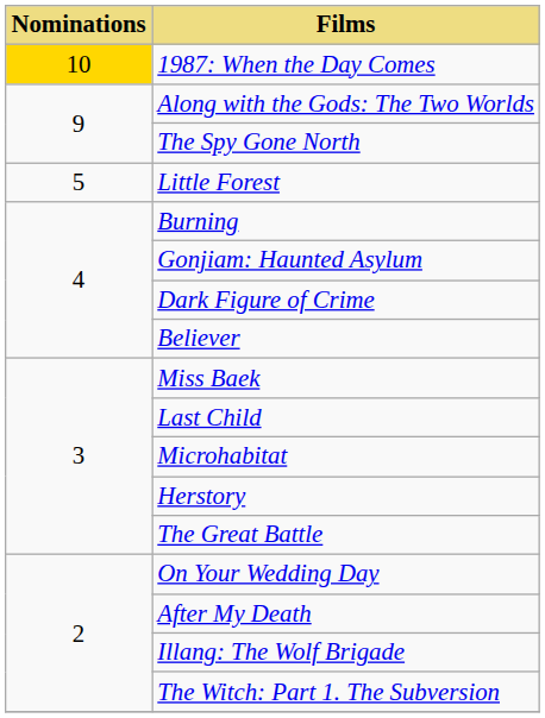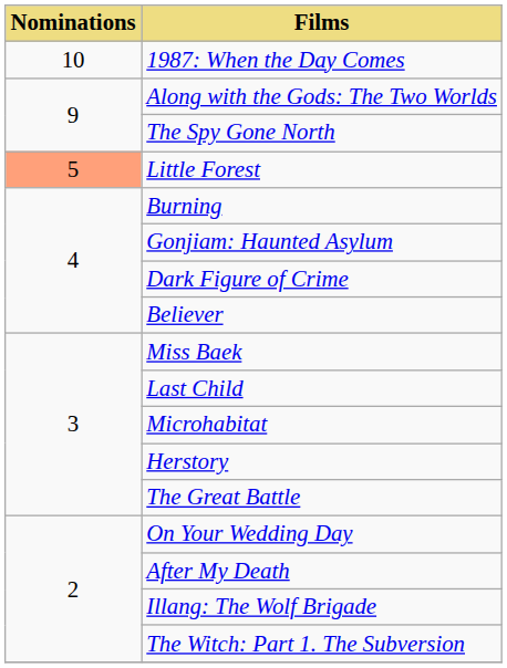 <table class="wikitable" align="center" |>
 <tr>
 <th style="background:#EEDD82;" ! align="center">Nominations</th>
 <th style="background:#EEDD82;" ! align="center">Films</th>
 </tr>
 <tr>
-<td style="background: gold; text-align:center">10</td>
+<td style="text-align:center">10</td>
 <td><em><a href='#'>1987: When the Day Comes</a></em></td>
 </tr>
 <tr>
 <td rowspan="2" style="text-align:center">9</td>
 <td><em><a href='#'>Along with the Gods: The Two Worlds</a></em></td>
 </tr>
 <tr>
 <td><em><a href='#'>The Spy Gone North</a></em></td>
 </tr>
 <tr>
-<td style="text-align:center">5</td>
+<td style="background: lightsalmon; text-align:center">5</td>
 <td><em><a href='#'>Little Forest</a></em></td>
 </tr>
 <tr>
 <td rowspan="4" style="text-align:center">4</td>
 <td><em><a href='#'>Burning</a></em></td>
 </tr>
 <tr>
 <td><em><a href='#'>Gonjiam: Haunted Asylum</a></em></td>
 </tr>
 <tr>
 <td><em><a href='#'>Dark Figure of Crime</a></em></td>
 </tr>
 <tr>
 <td><em><a href='#'>Believer</a></em></td>
 </tr>
 <tr>
 <td rowspan="5" style="text-align:center">3</td>
 <td><em><a href='#'>Miss Baek</a></em></td>
 </tr>
 <tr>
 <td><em><a href='#'>Last Child</a></em></td>
 </tr>
 <tr>
 <td><em><a href='#'>Microhabitat</a></em></td>
 </tr>
 <tr>
 <td><em><a href='#'>Herstory</a></em></td>
 </tr>
 <tr>
 <td><em><a href='#'>The Great Battle</a></em></td>
 </tr>
 <tr>
 <td rowspan="4" style="text-align:center">2</td>
 <td><em><a href='#'>On Your Wedding Day</a></em></td>
 </tr>
 <tr>
 <td><em><a href='#'>After My Death</a></em></td>
 </tr>
 <tr>
 <td><em><a href='#'>Illang: The Wolf Brigade</a></em></td>
 </tr>
 <tr>
 <td><em><a href='#'>The Witch: Part 1. The Subversion</a></em></td>
 </tr>
 <tr>
 </tr>
 </table>
